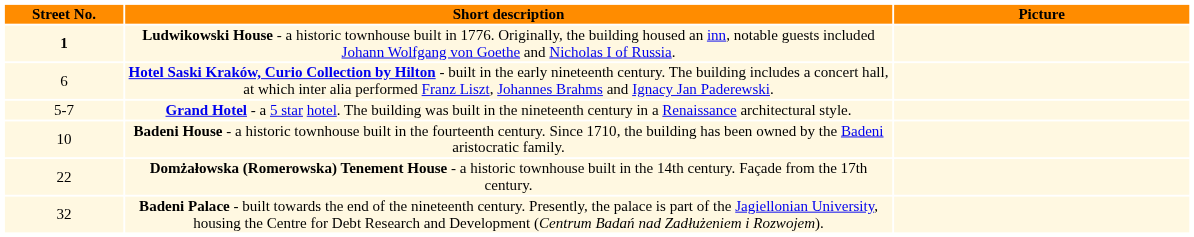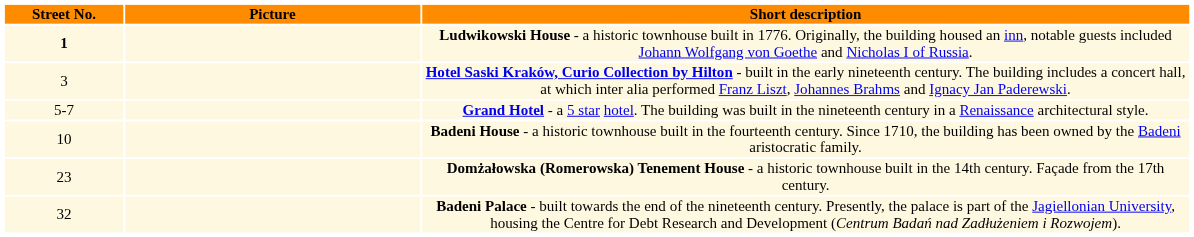 <table>
 <tr ---- bgcolor="#FF 8C 00">
 <th width=4%>Street No.</th>
+<th width=10%>Picture</th>
 <th width=26%>Short description</th>
-<th width=10%>Picture</th>
 </tr>
 <tr ---- bgcolor="#FFF8E1">
 <td align="center"><strong>1</strong></td>
+<td align="center"></td>
 <td align="center"><strong>Ludwikowski House</strong> - a historic townhouse built in 1776. Originally, the building housed an <a href='#'>inn</a>, notable guests included <a href='#'>Johann Wolfgang von Goethe</a> and <a href='#'>Nicholas I of Russia</a>.</td>
-<td align="center"></td>
 </tr>
 <tr ---- bgcolor="#FFF8E1">
-<td align="center">6</td>
+<td align="center">3</td>
+<td align="center"></td>
 <td align="center"><strong><a href='#'>Hotel Saski Kraków, Curio Collection by Hilton</a></strong> - built in the early nineteenth century. The building includes a concert hall, at which inter alia performed <a href='#'>Franz Liszt</a>, <a href='#'>Johannes Brahms</a> and <a href='#'>Ignacy Jan Paderewski</a>.</td>
-<td align="center"></td>
 </tr>
 <tr ---- bgcolor="#FFF8E1">
 <td align="center">5-7</td>
+<td align="center"></td>
 <td align="center"><strong><a href='#'>Grand Hotel</a></strong> - a <a href='#'>5 star</a> <a href='#'>hotel</a>. The building was built in the nineteenth century in a <a href='#'>Renaissance</a> architectural style.</td>
-<td align="center"></td>
 </tr>
 <tr ---- bgcolor="#FFF8E1">
 <td align="center">10</td>
+<td align="center"></td>
 <td align="center"><strong>Badeni House</strong> - a historic townhouse built in the fourteenth century. Since 1710, the building has been owned by the <a href='#'>Badeni</a> aristocratic family.</td>
-<td align="center"></td>
 </tr>
 <tr ---- bgcolor="#FFF8E1">
-<td align="center">22</td>
+<td align="center">23</td>
+<td align="center"></td>
 <td align="center"><strong>Domżałowska (Romerowska) Tenement House</strong> - a historic townhouse built in the 14th century. Façade from the 17th century.</td>
-<td align="center"></td>
 </tr>
 <tr ---- bgcolor="#FFF8E1">
 <td align="center">32</td>
+<td align="center"></td>
 <td align="center"><strong>Badeni Palace</strong> - built towards the end of the nineteenth century. Presently, the palace is part of the <a href='#'>Jagiellonian University</a>, housing the Centre for Debt Research and Development (<em>Centrum Badań nad Zadłużeniem i Rozwojem</em>).</td>
-<td align="center"></td>
 </tr>
 </table>
